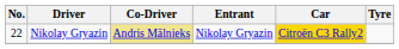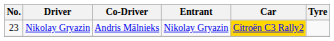 <table class="wikitable" style="font-size: 85%;">
 <tr>
 <th>No.</th>
 <th>Driver</th>
 <th>Co-Driver</th>
 <th>Entrant</th>
 <th>Car</th>
 <th>Tyre</th>
 </tr>
 <tr>
-<td align="center">22</td>
+<td align="center">23</td>
 <td> <a href='#'>Nikolay Gryazin</a></td>
-<td style="background: khaki;"> <a href='#'>Andris Mālnieks</a></td>
+<td> <a href='#'>Andris Mālnieks</a></td>
 <td> <a href='#'>Nikolay Gryazin</a></td>
 <td style="background: gold;"><a href='#'>Citroën C3 Rally2</a></td>
 <td align="center"></td>
 </tr>
 <tr>
 </tr>
 </table>
